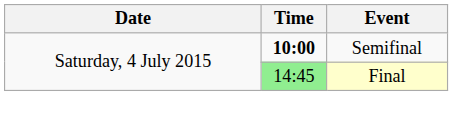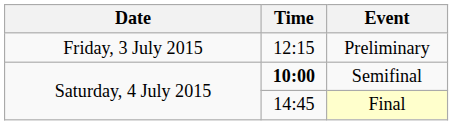 <table class = "wikitable" style="text-align:center;">
 <tr>
 <th width=220>Date</th>
 <th width=50>Time</th>
 <th width=100>Event</th>
 </tr>
 <tr>
+<td>Friday, 3 July 2015</td>
+<td>12:15</td>
+<td>Preliminary</td>
+</tr>
+<tr>
 <td rowspan=2>Saturday, 4 July 2015</td>
 <td><strong>10:00</strong></td>
 <td>Semifinal</td>
 </tr>
 <tr>
-<td style="background: lightgreen;">14:45</td>
+<td>14:45</td>
 <td bgcolor=ffffcc>Final</td>
 </tr>
 </table>
